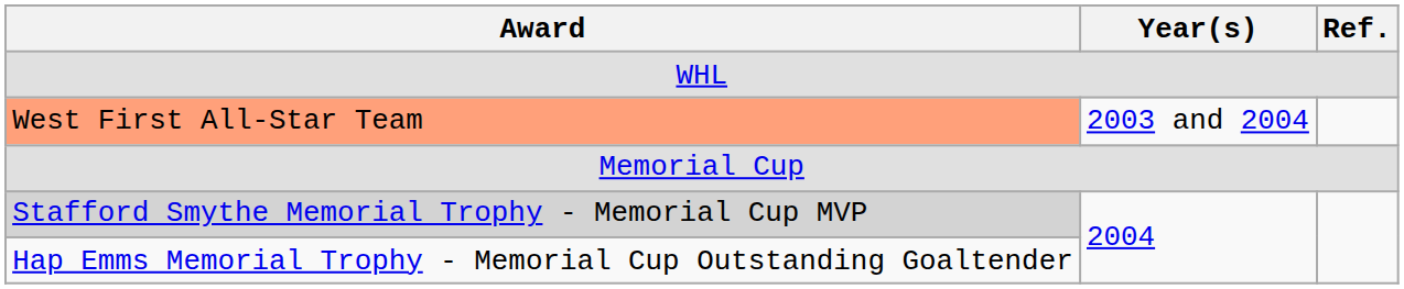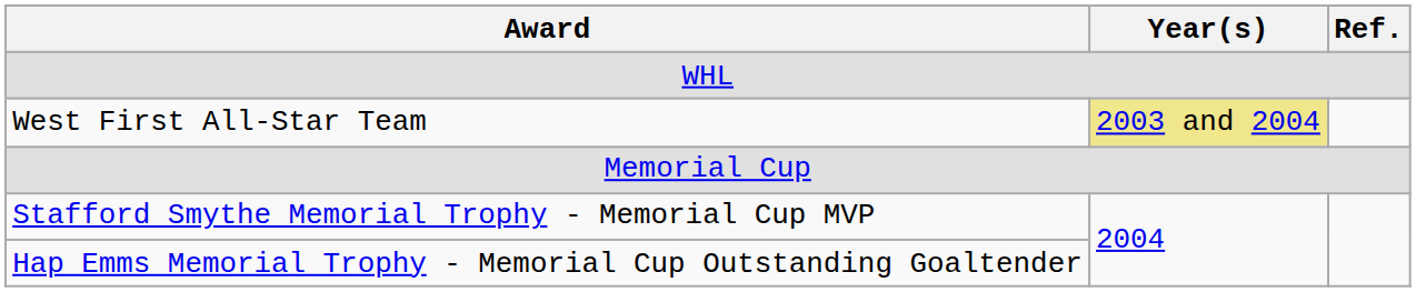 <table class="wikitable">
 <tr>
 <th>Award</th>
 <th>Year(s)</th>
 <th>Ref.</th>
 </tr>
 <tr ALIGN="center" bgcolor="#e0e0e0">
 <td colspan="3"><a href='#'>WHL</a></td>
 </tr>
 <tr>
-<td style="background: lightsalmon;">West First All-Star Team</td>
-<td><a href='#'>2003</a>  and <a href='#'>2004</a></td>
+<td>West First All-Star Team</td>
+<td style="background: khaki;"><a href='#'>2003</a>  and <a href='#'>2004</a></td>
 <td></td>
 </tr>
 <tr ALIGN="center" bgcolor="#e0e0e0">
 <td colspan="3"><a href='#'>Memorial Cup</a></td>
 </tr>
 <tr>
-<td style="background: lightgrey;"><a href='#'>Stafford Smythe Memorial Trophy</a> -  Memorial Cup MVP</td>
+<td><a href='#'>Stafford Smythe Memorial Trophy</a> -  Memorial Cup MVP</td>
 <td rowspan=2><a href='#'>2004</a></td>
 <td rowspan=2></td>
 </tr>
 <tr>
 <td><a href='#'>Hap Emms Memorial Trophy</a> - Memorial Cup Outstanding Goaltender</td>
 </tr>
 </table>
